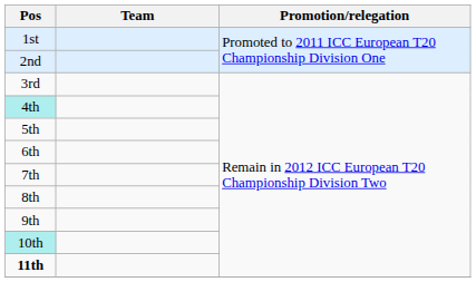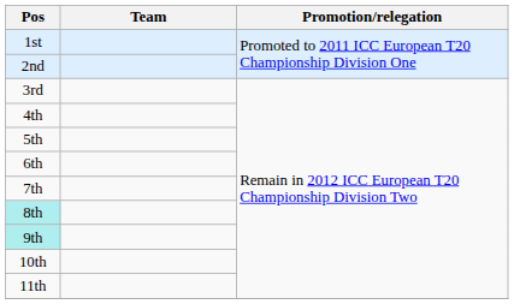 <table class="wikitable">
 <tr>
 <th width=50>Pos</th>
 <th width=175>Team</th>
 <th width=275>Promotion/relegation</th>
 </tr>
 <tr style="background:#ddeeff">
 <td align="center">1st</td>
 <td></td>
 <td rowspan=2>Promoted to <a href='#'>2011 ICC European T20 Championship Division One</a></td>
 </tr>
 <tr style="background:#ddeeff">
 <td align="center">2nd</td>
 <td></td>
 </tr>
 <tr>
 <td align="center">3rd</td>
 <td></td>
 <td rowspan=9>Remain in <a href='#'>2012 ICC European T20 Championship Division Two</a></td>
 </tr>
 <tr>
-<td align="center" style="background: paleturquoise;">4th</td>
+<td align="center">4th</td>
 <td></td>
 </tr>
 <tr>
 <td align="center">5th</td>
 <td></td>
 </tr>
 <tr>
 <td align="center">6th</td>
 <td></td>
 </tr>
 <tr>
 <td align="center">7th</td>
 <td></td>
 </tr>
 <tr>
-<td align="center">8th</td>
+<td align="center" style="background: paleturquoise;">8th</td>
 <td></td>
 </tr>
 <tr>
-<td align="center">9th</td>
+<td align="center" style="background: paleturquoise;">9th</td>
 <td></td>
 </tr>
 <tr>
-<td align="center" style="background: paleturquoise;">10th</td>
+<td align="center">10th</td>
 <td></td>
 </tr>
 <tr>
-<td align="center"><strong>11th</strong></td>
+<td align="center">11th</td>
 <td></td>
 </tr>
 <tr>
 </tr>
 </table>
